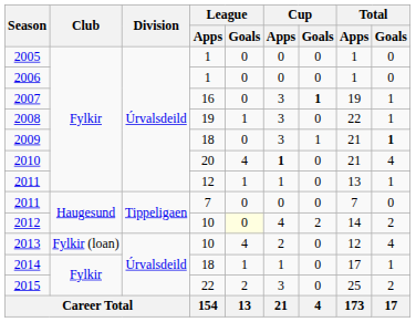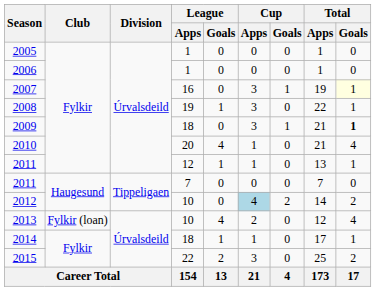 <table class="wikitable" style="text-align: center;">
 <tr>
 <th rowspan="2">Season</th>
 <th rowspan="2">Club</th>
 <th rowspan="2">Division</th>
 <th colspan="2">League</th>
 <th colspan="2">Cup</th>
 <th colspan="2">Total</th>
 </tr>
 <tr>
 <th>Apps</th>
 <th>Goals</th>
 <th>Apps</th>
 <th>Goals</th>
 <th>Apps</th>
 <th>Goals</th>
 </tr>
 <tr>
 <td><a href='#'>2005</a></td>
 <td rowspan="7" valign="center"><a href='#'>Fylkir</a></td>
 <td rowspan="7" valign="center"><a href='#'>Úrvalsdeild</a></td>
 <td>1</td>
 <td>0</td>
 <td>0</td>
 <td>0</td>
 <td>1</td>
 <td>0</td>
 </tr>
 <tr>
 <td><a href='#'>2006</a></td>
 <td>1</td>
 <td>0</td>
 <td>0</td>
 <td>0</td>
 <td>1</td>
 <td>0</td>
 </tr>
 <tr>
 <td><a href='#'>2007</a></td>
 <td>16</td>
 <td>0</td>
 <td>3</td>
-<td><strong>1</strong></td>
+<td>1</td>
 <td>19</td>
-<td>1</td>
+<td style="background: lightyellow;">1</td>
 </tr>
 <tr>
 <td><a href='#'>2008</a></td>
 <td>19</td>
 <td>1</td>
 <td>3</td>
 <td>0</td>
 <td>22</td>
 <td>1</td>
 </tr>
 <tr>
 <td><a href='#'>2009</a></td>
 <td>18</td>
 <td>0</td>
 <td>3</td>
 <td>1</td>
 <td>21</td>
 <td><strong>1</strong></td>
 </tr>
 <tr>
 <td><a href='#'>2010</a></td>
 <td>20</td>
 <td>4</td>
-<td><strong>1</strong></td>
+<td>1</td>
 <td>0</td>
 <td>21</td>
 <td>4</td>
 </tr>
 <tr>
 <td><a href='#'>2011</a></td>
 <td>12</td>
 <td>1</td>
 <td>1</td>
 <td>0</td>
 <td>13</td>
 <td>1</td>
 </tr>
 <tr>
 <td><a href='#'>2011</a></td>
 <td rowspan="2" valign="center"><a href='#'>Haugesund</a></td>
 <td rowspan="2" valign="center"><a href='#'>Tippeligaen</a></td>
 <td>7</td>
 <td>0</td>
 <td>0</td>
 <td>0</td>
 <td>7</td>
 <td>0</td>
 </tr>
 <tr>
 <td><a href='#'>2012</a></td>
 <td>10</td>
-<td style="background: lightyellow;">0</td>
-<td>4</td>
+<td>0</td>
+<td style="background: lightblue;">4</td>
 <td>2</td>
 <td>14</td>
 <td>2</td>
 </tr>
 <tr>
 <td><a href='#'>2013</a></td>
 <td rowspan="1" valign="center"><a href='#'>Fylkir</a> (loan)</td>
 <td rowspan="3" valign="center"><a href='#'>Úrvalsdeild</a></td>
 <td>10</td>
 <td>4</td>
 <td>2</td>
 <td>0</td>
 <td>12</td>
 <td>4</td>
 </tr>
 <tr>
 <td><a href='#'>2014</a></td>
 <td rowspan="2" valign="center"><a href='#'>Fylkir</a></td>
 <td>18</td>
 <td>1</td>
 <td>1</td>
 <td>0</td>
 <td>17</td>
 <td>1</td>
 </tr>
 <tr>
 <td><a href='#'>2015</a></td>
 <td>22</td>
 <td>2</td>
 <td>3</td>
 <td>0</td>
 <td>25</td>
 <td>2</td>
 </tr>
 <tr>
 <th colspan="3">Career Total</th>
 <th>154</th>
 <th>13</th>
 <th>21</th>
 <th>4</th>
 <th>173</th>
 <th>17</th>
 </tr>
 </table>
